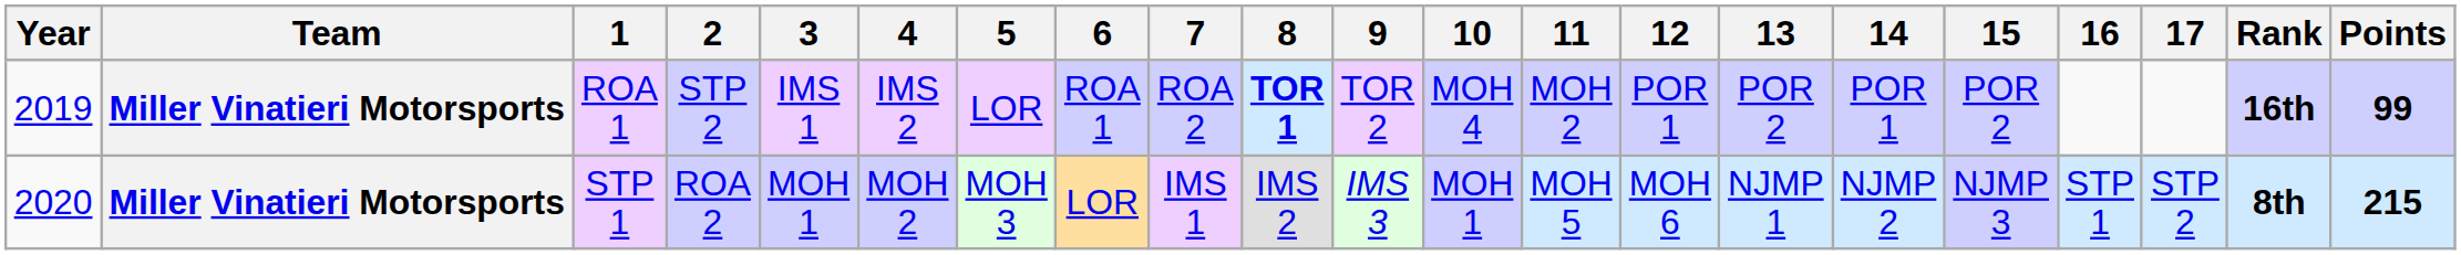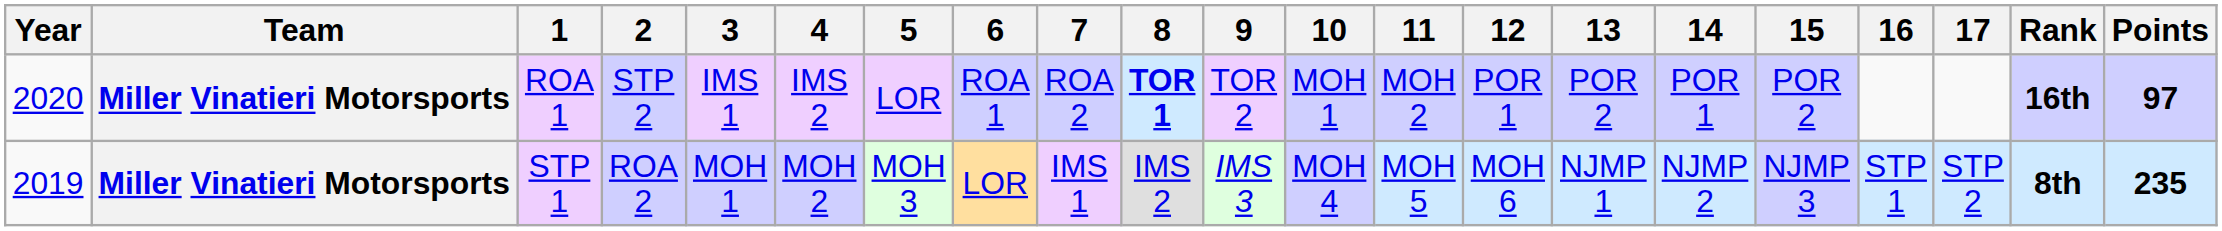 <table class="wikitable" style="text-align:center; font-size:85%">
 <tr>
 <th>Year</th>
 <th>Team</th>
 <th>1</th>
 <th>2</th>
 <th>3</th>
 <th>4</th>
 <th>5</th>
 <th>6</th>
 <th>7</th>
 <th>8</th>
 <th>9</th>
 <th>10</th>
 <th>11</th>
 <th>12</th>
 <th>13</th>
 <th>14</th>
 <th>15</th>
 <th>16</th>
 <th>17</th>
 <th>Rank</th>
 <th>Points</th>
 </tr>
 <tr>
-<td><a href='#'>2019</a></td>
+<td><a href='#'>2020</a></td>
 <th><a href='#'>Miller</a> <a href='#'>Vinatieri</a> Motorsports</th>
 <td style="background:#EFCFFF;"><a href='#'>ROA<br>1</a><br></td>
 <td style="background:#CFCFFF;"><a href='#'>STP<br>2</a><br></td>
 <td style="background:#EFCFFF;"><a href='#'>IMS<br>1</a><br></td>
 <td style="background:#EFCFFF;"><a href='#'>IMS<br>2</a><br></td>
 <td style="background:#EFCFFF;"><a href='#'>LOR</a><br></td>
 <td style="background:#CFCFFF;"><a href='#'>ROA<br>1</a><br></td>
 <td style="background:#CFCFFF;"><a href='#'>ROA<br>2</a><br></td>
 <td style="background:#CFEAFF;"><strong><a href='#'>TOR<br>1</a><br></strong></td>
 <td style="background:#EFCFFF;"><a href='#'>TOR<br>2</a><br></td>
-<td style="background:#CFCFFF;"><a href='#'>MOH<br>4</a><br></td>
+<td style="background:#CFCFFF;"><a href='#'>MOH<br>1</a><br></td>
 <td style="background:#CFCFFF;"><a href='#'>MOH<br>2</a><br></td>
 <td style="background:#CFCFFF;"><a href='#'>POR<br>1</a><br></td>
 <td style="background:#CFCFFF;"><a href='#'>POR<br>2</a><br></td>
 <td style="background:#CFCFFF;"><a href='#'>POR<br>1</a><br></td>
 <td style="background:#CFCFFF;"><a href='#'>POR<br>2</a><br></td>
 <td></td>
 <td></td>
 <th style="background:#CFCFFF;">16th</th>
-<th style="background:#CFCFFF;">99</th>
+<th style="background:#CFCFFF;">97</th>
 </tr>
 <tr>
-<td><a href='#'>2020</a></td>
+<td><a href='#'>2019</a></td>
 <th><a href='#'>Miller</a> <a href='#'>Vinatieri</a> Motorsports</th>
 <td style="background:#EFCFFF;"><a href='#'>STP<br>1</a><br></td>
 <td style="background:#CFCFFF;"><a href='#'>ROA<br>2</a><br></td>
 <td style="background:#CFCFFF;"><a href='#'>MOH<br>1</a><br></td>
 <td style="background:#CFCFFF;"><a href='#'>MOH<br>2</a><br></td>
 <td style="background:#DFFFDF;"><a href='#'>MOH<br>3</a><br></td>
 <td style="background:#FFDF9F;"><a href='#'>LOR</a><br></td>
 <td style="background:#EFCFFF;"><a href='#'>IMS<br>1</a><br></td>
 <td style="background:#DFDFDF;"><a href='#'>IMS<br>2</a><br></td>
 <td style="background:#DFFFDF;"><em><a href='#'>IMS<br>3</a></em><br></td>
-<td style="background:#CFCFFF;"><a href='#'>MOH<br>1</a><br></td>
+<td style="background:#CFCFFF;"><a href='#'>MOH<br>4</a><br></td>
 <td style="background:#CFEAFF;"><a href='#'>MOH<br>5</a><br></td>
 <td style="background:#CFEAFF;"><a href='#'>MOH<br>6</a><br></td>
 <td style="background:#CFEAFF;"><a href='#'>NJMP<br>1</a><br></td>
 <td style="background:#CFEAFF;"><a href='#'>NJMP<br>2</a><br></td>
 <td style="background:#CFCFFF;"><a href='#'>NJMP<br>3</a><br></td>
 <td style="background:#CFEAFF;"><a href='#'>STP<br>1</a><br></td>
 <td style="background:#CFEAFF;"><a href='#'>STP<br>2</a><br></td>
 <th style="background:#CFEAFF;">8th</th>
-<th style="background:#CFEAFF;">215</th>
+<th style="background:#CFEAFF;">235</th>
 </tr>
 </table>
